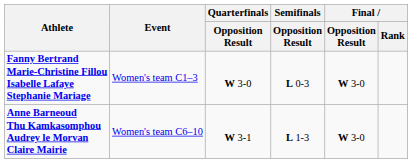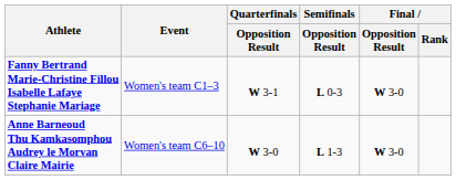 <table class=wikitable style="font-size:90%">
 <tr>
 <th rowspan="2">Athlete</th>
 <th rowspan="2">Event</th>
 <th>Quarterfinals</th>
 <th>Semifinals</th>
 <th colspan="2">Final / </th>
 </tr>
 <tr>
 <th>Opposition<br>Result</th>
 <th>Opposition<br>Result</th>
 <th>Opposition<br>Result</th>
 <th>Rank</th>
 </tr>
 <tr>
 <td><strong><a href='#'>Fanny Bertrand</a></strong><br> <strong><a href='#'>Marie-Christine Fillou</a></strong><br> <strong><a href='#'>Isabelle Lafaye</a></strong><br> <strong><a href='#'>Stephanie Mariage</a></strong></td>
 <td><a href='#'>Women's team C1–3</a></td>
-<td align="center"><br><strong>W</strong> 3-0</td>
+<td align="center"><br><strong>W</strong> 3-1</td>
 <td align="center"><br><strong>L</strong> 0-3</td>
 <td align="center"><br><strong>W</strong> 3-0</td>
 <td align="center"></td>
 </tr>
 <tr>
 <td><strong><a href='#'>Anne Barneoud</a></strong><br> <strong><a href='#'>Thu Kamkasomphou</a></strong><br> <strong><a href='#'>Audrey le Morvan</a></strong><br> <strong><a href='#'>Claire Mairie</a></strong></td>
 <td><a href='#'>Women's team C6–10</a></td>
-<td align="center"><br><strong>W</strong> 3-1</td>
+<td align="center"><br><strong>W</strong> 3-0</td>
 <td align="center"><br><strong>L</strong> 1-3</td>
 <td align="center"><br><strong>W</strong> 3-0</td>
 <td align="center"></td>
 </tr>
 </table>
